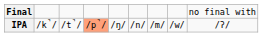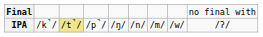 <table class="wikitable" style="text-align: center;">
 <tr>
 <th><strong>Final</strong></th>
 <td></td>
 <td></td>
 <td></td>
 <td></td>
 <td></td>
 <td></td>
 <td></td>
 <td>no final with </td>
 </tr>
 <tr>
 <th><strong>IPA</strong></th>
 <td>/k̚/</td>
-<td>/t̚/</td>
-<td style="background: lightsalmon;">/p̚/</td>
+<td style="background: khaki;">/t̚/</td>
+<td>/p̚/</td>
 <td>/ŋ/</td>
 <td>/n/</td>
 <td>/m/</td>
 <td>/w/</td>
 <td>/ʔ/</td>
 </tr>
 </table>
